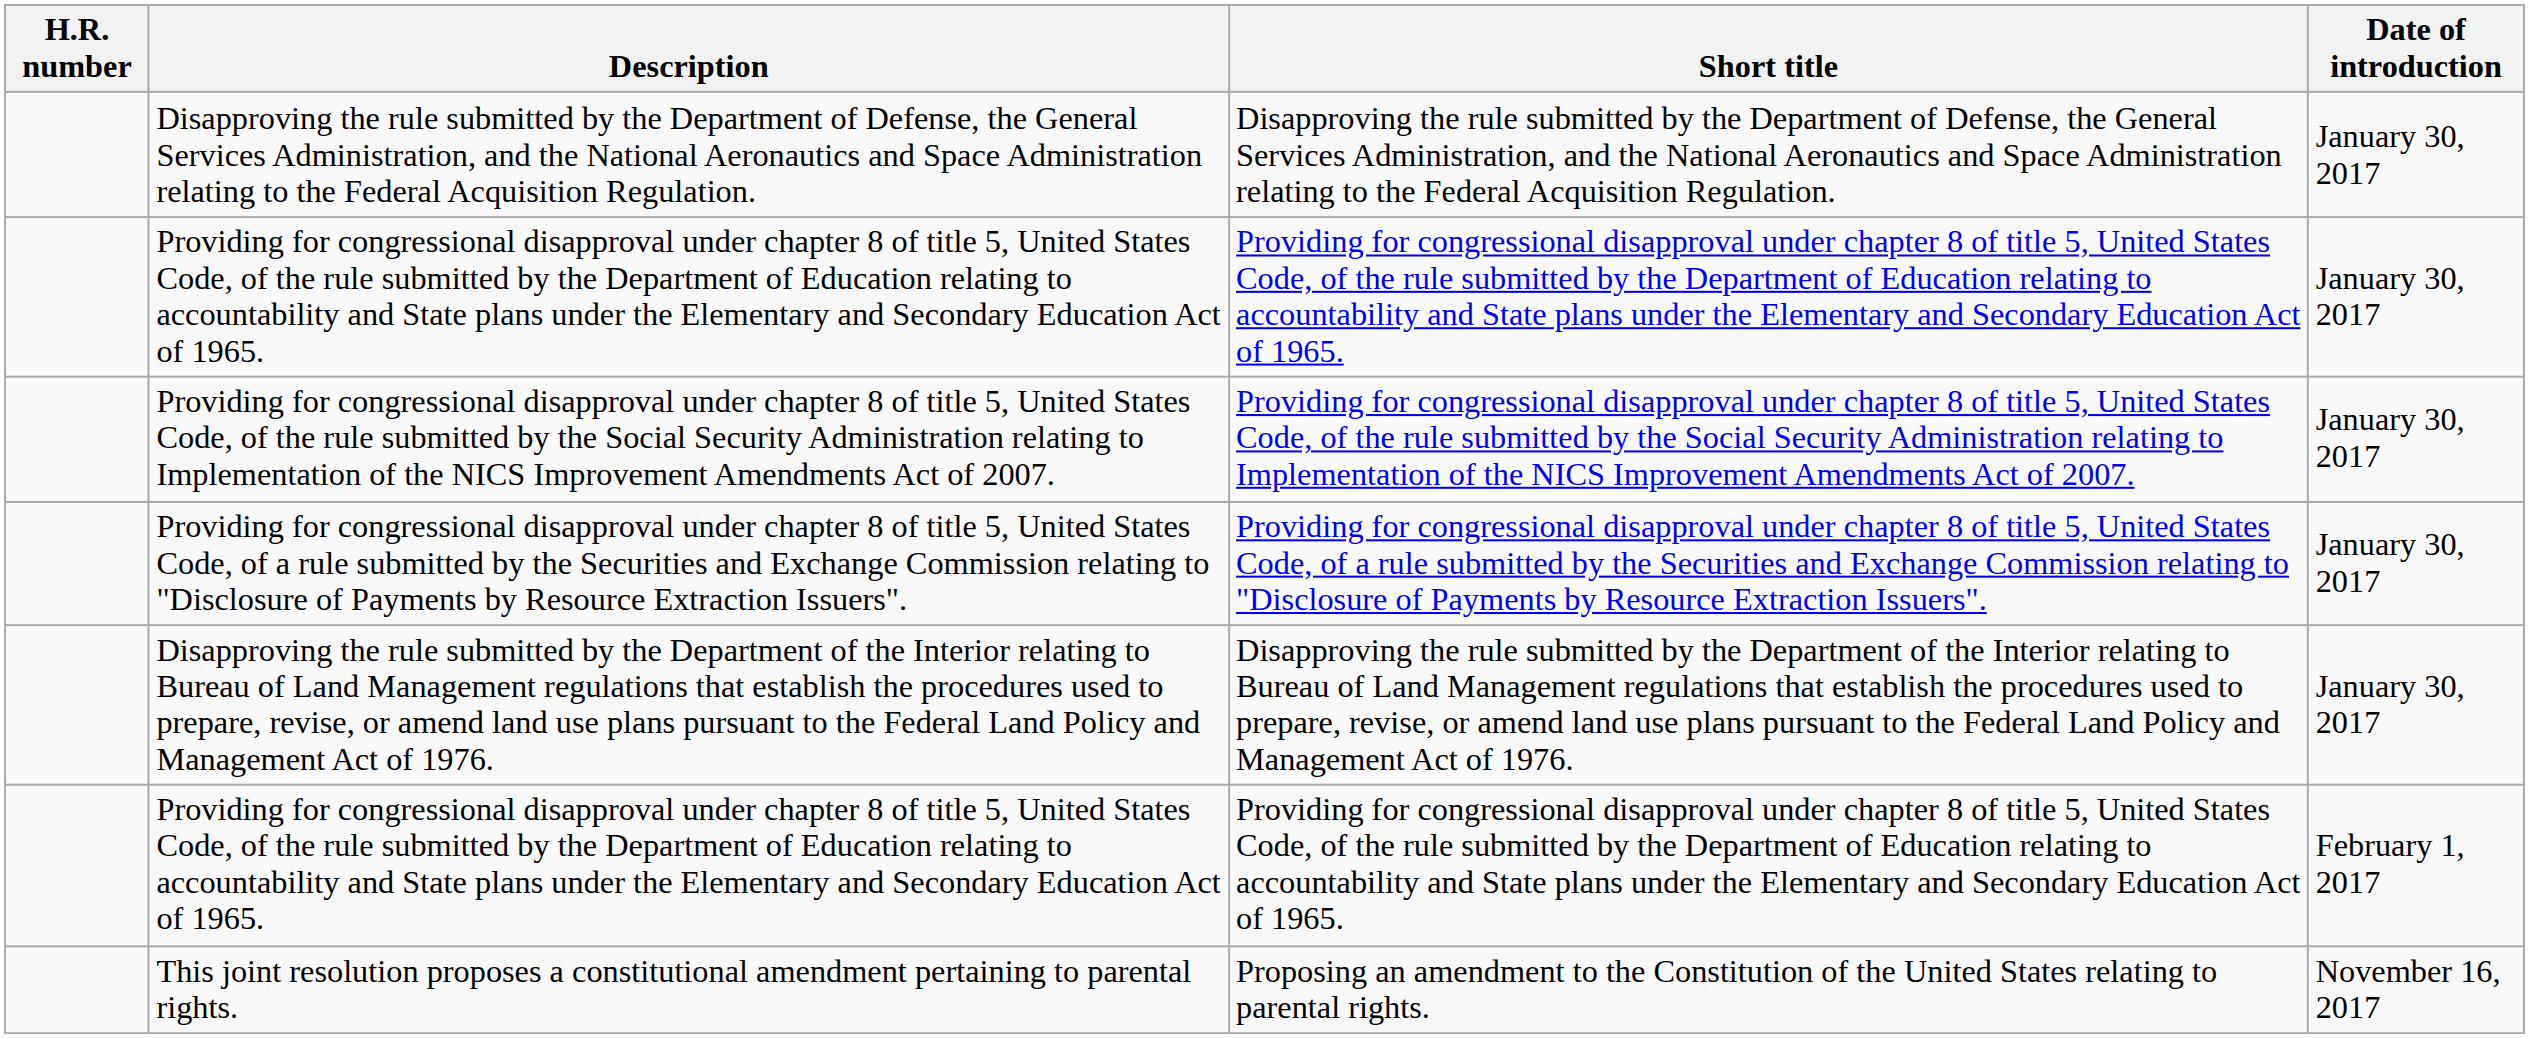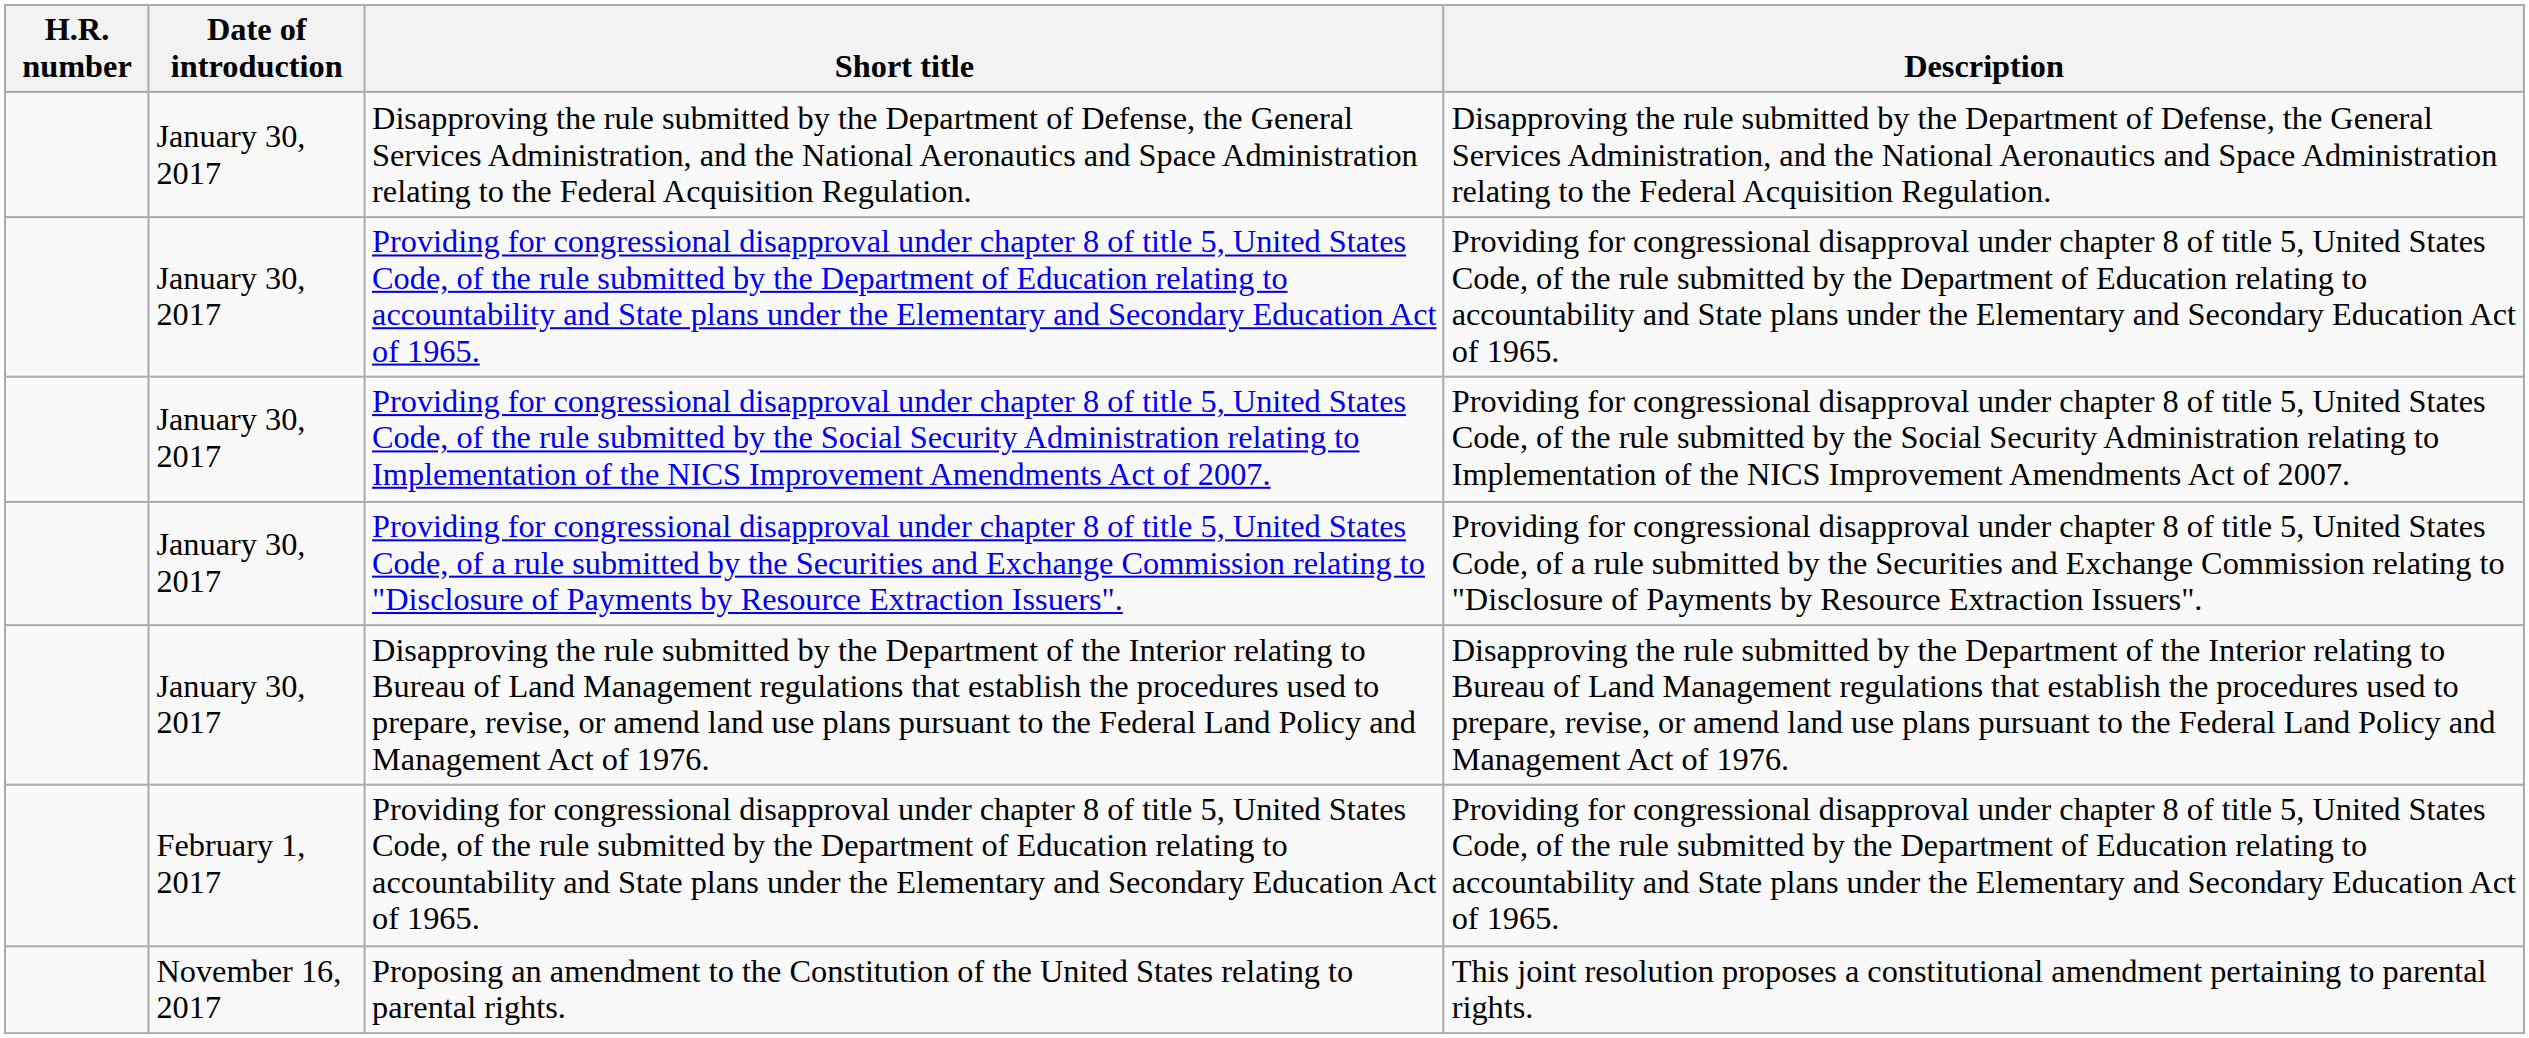 <table class=wikitable>
 <tr valign=bottom>
 <th>H.R. number</th>
+<th>Date of introduction</th>
+<th>Short title</th>
 <th>Description</th>
-<th>Short title</th>
-<th>Date of introduction</th>
 </tr>
 <tr>
 <td></td>
+<td>January 30, 2017</td>
 <td>Disapproving the rule submitted by the Department of Defense, the General Services Administration, and the National Aeronautics and Space Administration relating to the Federal Acquisition Regulation.</td>
 <td>Disapproving the rule submitted by the Department of Defense, the General Services Administration, and the National Aeronautics and Space Administration relating to the Federal Acquisition Regulation.</td>
-<td>January 30, 2017</td>
 </tr>
 <tr>
 <td></td>
+<td>January 30, 2017</td>
+<td><a href='#'>Providing for congressional disapproval under chapter 8 of title 5, United States Code, of the rule submitted by the Department of Education relating to accountability and State plans under the Elementary and Secondary Education Act of 1965.</a></td>
 <td>Providing for congressional disapproval under chapter 8 of title 5, United States Code, of the rule submitted by the Department of Education relating to accountability and State plans under the Elementary and Secondary Education Act of 1965.</td>
-<td><a href='#'>Providing for congressional disapproval under chapter 8 of title 5, United States Code, of the rule submitted by the Department of Education relating to accountability and State plans under the Elementary and Secondary Education Act of 1965.</a></td>
-<td>January 30, 2017</td>
 </tr>
 <tr>
 <td></td>
+<td>January 30, 2017</td>
+<td><a href='#'>Providing for congressional disapproval under chapter 8 of title 5, United States Code, of the rule submitted by the Social Security Administration relating to Implementation of the NICS Improvement Amendments Act of 2007.</a></td>
 <td>Providing for congressional disapproval under chapter 8 of title 5, United States Code, of the rule submitted by the Social Security Administration relating to Implementation of the NICS Improvement Amendments Act of 2007.</td>
-<td><a href='#'>Providing for congressional disapproval under chapter 8 of title 5, United States Code, of the rule submitted by the Social Security Administration relating to Implementation of the NICS Improvement Amendments Act of 2007.</a></td>
-<td>January 30, 2017</td>
 </tr>
 <tr>
 <td></td>
+<td>January 30, 2017</td>
+<td><a href='#'>Providing for congressional disapproval under chapter 8 of title 5, United States Code, of a rule submitted by the Securities and Exchange Commission relating to "Disclosure of Payments by Resource Extraction Issuers".</a></td>
 <td>Providing for congressional disapproval under chapter 8 of title 5, United States Code, of a rule submitted by the Securities and Exchange Commission relating to "Disclosure of Payments by Resource Extraction Issuers".</td>
-<td><a href='#'>Providing for congressional disapproval under chapter 8 of title 5, United States Code, of a rule submitted by the Securities and Exchange Commission relating to "Disclosure of Payments by Resource Extraction Issuers".</a></td>
-<td>January 30, 2017</td>
 </tr>
 <tr>
 <td></td>
+<td>January 30, 2017</td>
 <td>Disapproving the rule submitted by the Department of the Interior relating to Bureau of Land Management regulations that establish the procedures used to prepare, revise, or amend land use plans pursuant to the Federal Land Policy and Management Act of 1976.</td>
 <td>Disapproving the rule submitted by the Department of the Interior relating to Bureau of Land Management regulations that establish the procedures used to prepare, revise, or amend land use plans pursuant to the Federal Land Policy and Management Act of 1976.</td>
-<td>January 30, 2017</td>
 </tr>
 <tr>
 <td></td>
+<td>February 1, 2017</td>
 <td>Providing for congressional disapproval under chapter 8 of title 5, United States Code, of the rule submitted by the Department of Education relating to accountability and State plans under the Elementary and Secondary Education Act of 1965.</td>
 <td>Providing for congressional disapproval under chapter 8 of title 5, United States Code, of the rule submitted by the Department of Education relating to accountability and State plans under the Elementary and Secondary Education Act of 1965.</td>
-<td>February 1, 2017</td>
 </tr>
 <tr>
 <td></td>
+<td>November 16, 2017</td>
+<td>Proposing an amendment to the Constitution of the United States relating to parental rights.</td>
 <td>This joint resolution proposes a constitutional amendment pertaining to parental rights.</td>
-<td>Proposing an amendment to the Constitution of the United States relating to parental rights.</td>
-<td>November 16, 2017</td>
 </tr>
 </table>
